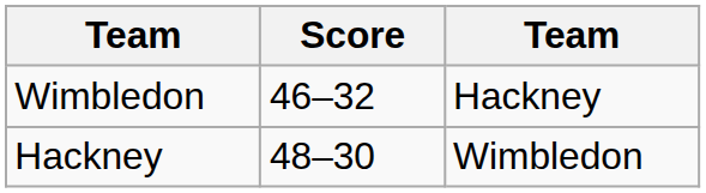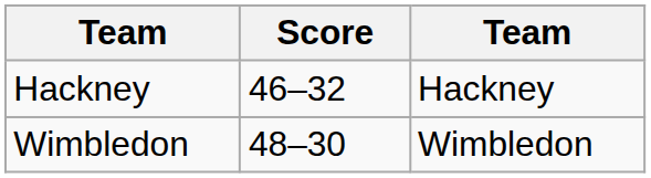 <table class="wikitable" style="font-size: 100%">
 <tr>
 <th width=100>Team</th>
 <th width=70>Score</th>
 <th width=100>Team</th>
 </tr>
 <tr>
-<td>Wimbledon</td>
+<td>Hackney</td>
 <td>46–32</td>
 <td>Hackney</td>
 </tr>
 <tr>
-<td>Hackney</td>
+<td>Wimbledon</td>
 <td>48–30</td>
 <td>Wimbledon</td>
 </tr>
 </table>
